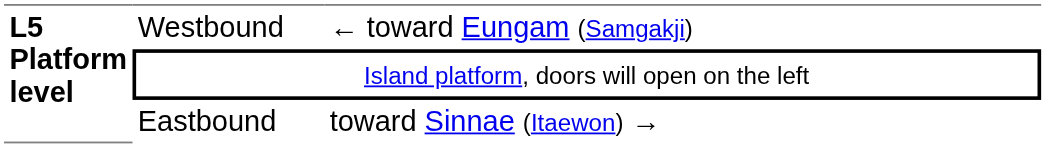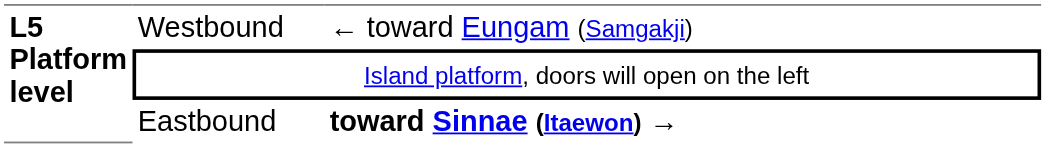 <table table border=0 cellspacing=0 cellpadding=3>
 <tr>
 <td style="border-top:solid 1px gray;border-bottom:solid 1px gray;" width=50 rowspan=10 valign=top><strong>L5<br>Platform level</strong></td>
 <td style="border-bottom:solid 0px gray;border-top:solid 1px gray;" width=100>Westbound</td>
 <td style="border-bottom:solid 0px gray;border-top:solid 1px gray;" width=390>←  toward <a href='#'>Eungam</a> <small>(<a href='#'>Samgakji</a>)</small></td>
 </tr>
 <tr>
 <td style="border-top:solid 2px black;border-right:solid 2px black;border-left:solid 2px black;border-bottom:solid 2px black;text-align:center;" colspan=2><small><a href='#'>Island platform</a>, doors will open on the left </small></td>
 </tr>
 <tr>
 <td>Eastbound</td>
-<td>  toward <a href='#'>Sinnae</a> <small>(<a href='#'>Itaewon</a>)</small> →</td>
+<td><strong>  toward <a href='#'>Sinnae</a> <small>(<a href='#'>Itaewon</a>)</small> →</strong></td>
 </tr>
 </table>
